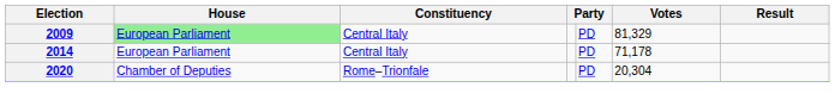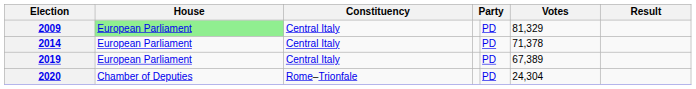 <table class=wikitable style="width:55%; border:1px #AAAAFF solid">
 <tr>
 <th width=12%>Election</th>
 <th width=25%>House</th>
 <th width=25%>Constituency</th>
 <th width=5% colspan="2">Party</th>
 <th width=12%>Votes</th>
 <th width=12%>Result</th>
 </tr>
 <tr>
 <th><a href='#'>2009</a></th>
 <td style="background: lightgreen;"><a href='#'>European Parliament</a></td>
 <td><a href='#'>Central Italy</a></td>
 <td></td>
 <td><a href='#'>PD</a></td>
 <td>81,329</td>
 <td></td>
 </tr>
 <tr>
 <th><a href='#'>2014</a></th>
 <td><a href='#'>European Parliament</a></td>
 <td><a href='#'>Central Italy</a></td>
 <td></td>
 <td><a href='#'>PD</a></td>
-<td>71,178</td>
+<td>71,378</td>
+<td></td>
+</tr>
+<tr>
+<th><a href='#'>2019</a></th>
+<td><a href='#'>European Parliament</a></td>
+<td><a href='#'>Central Italy</a></td>
+<td></td>
+<td><a href='#'>PD</a></td>
+<td>67,389</td>
 <td></td>
 </tr>
 <tr>
 <th><a href='#'>2020</a></th>
 <td><a href='#'>Chamber of Deputies</a></td>
 <td><a href='#'>Rome</a>–<a href='#'>Trionfale</a></td>
 <td></td>
 <td><a href='#'>PD</a></td>
-<td>20,304</td>
+<td>24,304</td>
 <td></td>
 </tr>
 <tr>
 </tr>
 </table>
